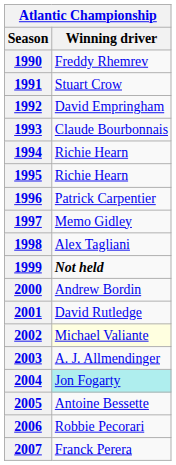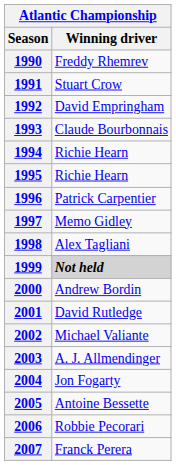 <table class="wikitable" style="font-size: 95%;">
 <tr>
 <th colspan=2><a href='#'>Atlantic Championship</a></th>
 </tr>
 <tr>
 <th>Season</th>
 <th>Winning driver</th>
 </tr>
 <tr>
 <th><a href='#'>1990</a></th>
 <td> <a href='#'>Freddy Rhemrev</a></td>
 </tr>
 <tr>
 <th><a href='#'>1991</a></th>
 <td> <a href='#'>Stuart Crow</a></td>
 </tr>
 <tr>
 <th><a href='#'>1992</a></th>
 <td> <a href='#'>David Empringham</a></td>
 </tr>
 <tr>
 <th><a href='#'>1993</a></th>
 <td> <a href='#'>Claude Bourbonnais</a></td>
 </tr>
 <tr>
 <th><a href='#'>1994</a></th>
 <td> <a href='#'>Richie Hearn</a></td>
 </tr>
 <tr>
 <th><a href='#'>1995</a></th>
 <td> <a href='#'>Richie Hearn</a></td>
 </tr>
 <tr>
 <th><a href='#'>1996</a></th>
 <td> <a href='#'>Patrick Carpentier</a></td>
 </tr>
 <tr>
 <th><a href='#'>1997</a></th>
 <td> <a href='#'>Memo Gidley</a></td>
 </tr>
 <tr>
 <th><a href='#'>1998</a></th>
 <td> <a href='#'>Alex Tagliani</a></td>
 </tr>
 <tr>
 <th><a href='#'>1999</a></th>
-<td><strong><em>Not held</em></strong></td>
+<td style="background: lightgrey;"><strong><em>Not held</em></strong></td>
 </tr>
 <tr>
 <th><a href='#'>2000</a></th>
 <td> <a href='#'>Andrew Bordin</a></td>
 </tr>
 <tr>
 <th><a href='#'>2001</a></th>
 <td> <a href='#'>David Rutledge</a></td>
 </tr>
 <tr>
 <th><a href='#'>2002</a></th>
-<td style="background: lightyellow;"> <a href='#'>Michael Valiante</a></td>
+<td> <a href='#'>Michael Valiante</a></td>
 </tr>
 <tr>
 <th><a href='#'>2003</a></th>
 <td> <a href='#'>A. J. Allmendinger</a></td>
 </tr>
 <tr>
 <th><a href='#'>2004</a></th>
-<td style="background: paleturquoise;"> <a href='#'>Jon Fogarty</a></td>
+<td> <a href='#'>Jon Fogarty</a></td>
 </tr>
 <tr>
 <th><a href='#'>2005</a></th>
 <td> <a href='#'>Antoine Bessette</a></td>
 </tr>
 <tr>
 <th><a href='#'>2006</a></th>
 <td> <a href='#'>Robbie Pecorari</a></td>
 </tr>
 <tr>
 <th><a href='#'>2007</a></th>
 <td> <a href='#'>Franck Perera</a></td>
 </tr>
 </table>
